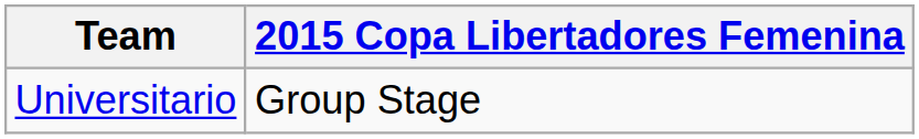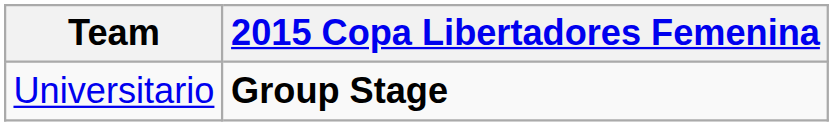 <table class="wikitable">
 <tr>
 <th>Team</th>
 <th><a href='#'>2015 Copa Libertadores Femenina</a></th>
 </tr>
 <tr>
 <td><a href='#'>Universitario</a></td>
-<td>Group Stage</td>
+<td><strong>Group Stage</strong></td>
 </tr>
 </table>
